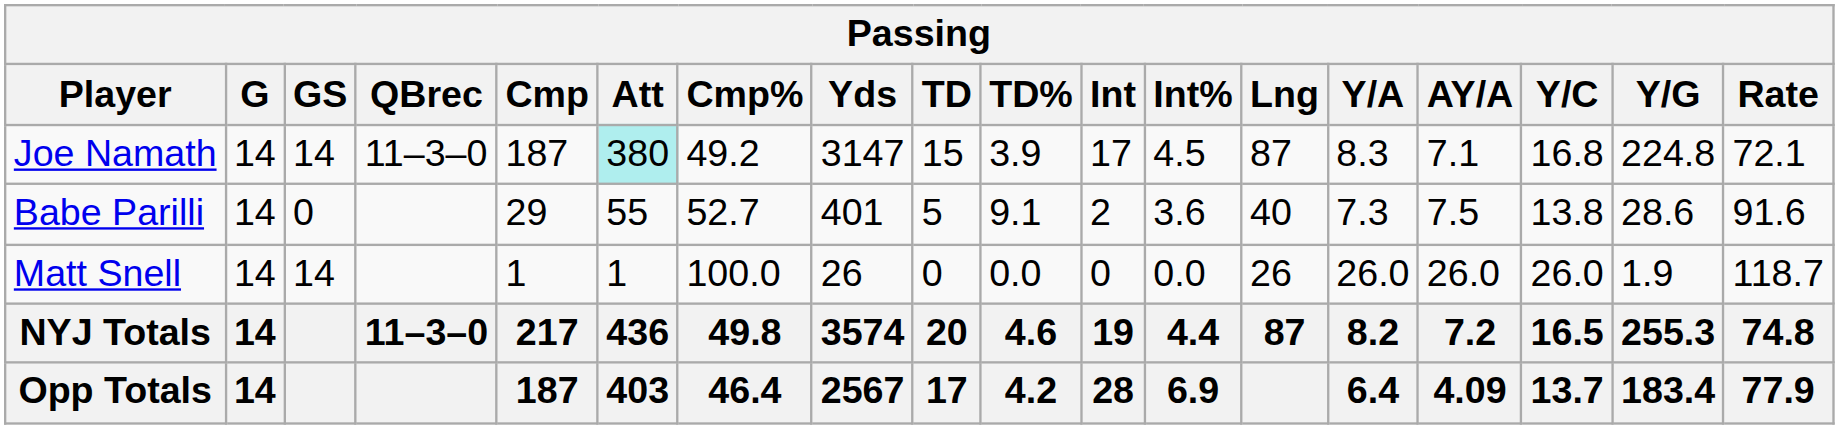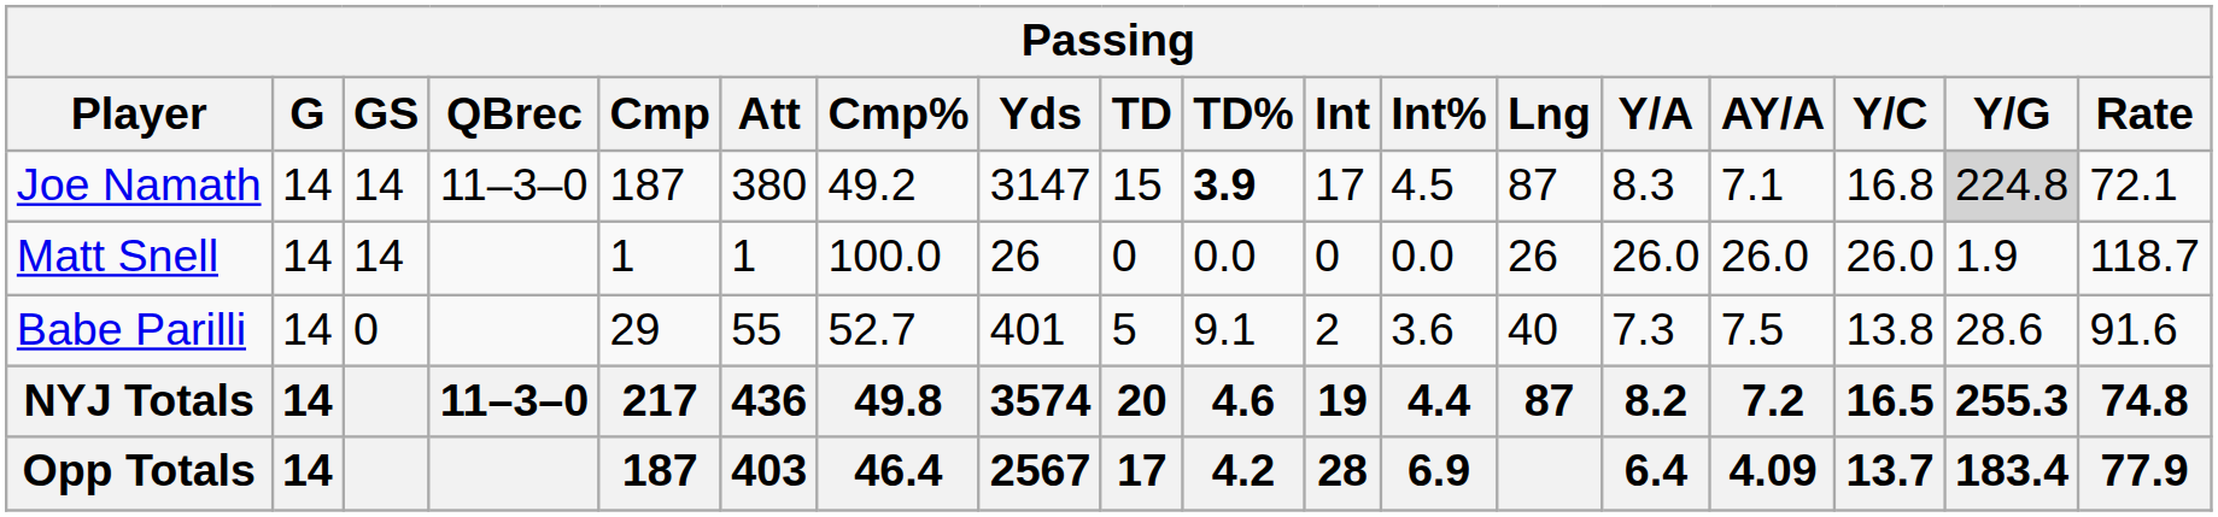 <table class="wikitable">
 <tr>
 <th colspan="18">Passing</th>
 </tr>
 <tr>
 <th>Player</th>
 <th>G</th>
 <th>GS</th>
 <th>QBrec</th>
 <th>Cmp</th>
 <th>Att</th>
 <th>Cmp%</th>
 <th>Yds</th>
 <th>TD</th>
 <th>TD%</th>
 <th>Int</th>
 <th>Int%</th>
 <th>Lng</th>
 <th>Y/A</th>
 <th>AY/A</th>
 <th>Y/C</th>
 <th>Y/G</th>
 <th>Rate</th>
 </tr>
 <tr>
 <td><a href='#'>Joe Namath</a></td>
 <td>14</td>
 <td>14</td>
 <td>11–3–0</td>
 <td>187</td>
-<td style="background: paleturquoise;">380</td>
+<td>380</td>
 <td>49.2</td>
 <td>3147</td>
 <td>15</td>
-<td>3.9</td>
+<td><strong>3.9</strong></td>
 <td>17</td>
 <td>4.5</td>
 <td>87</td>
 <td>8.3</td>
 <td>7.1</td>
 <td>16.8</td>
-<td>224.8</td>
+<td style="background: lightgrey;">224.8</td>
 <td>72.1</td>
+</tr>
+<tr>
+<td><a href='#'>Matt Snell</a></td>
+<td>14</td>
+<td>14</td>
+<td></td>
+<td>1</td>
+<td>1</td>
+<td>100.0</td>
+<td>26</td>
+<td>0</td>
+<td>0.0</td>
+<td>0</td>
+<td>0.0</td>
+<td>26</td>
+<td>26.0</td>
+<td>26.0</td>
+<td>26.0</td>
+<td>1.9</td>
+<td>118.7</td>
 </tr>
 <tr>
 <td><a href='#'>Babe Parilli</a></td>
 <td>14</td>
 <td>0</td>
 <td></td>
 <td>29</td>
 <td>55</td>
 <td>52.7</td>
 <td>401</td>
 <td>5</td>
 <td>9.1</td>
 <td>2</td>
 <td>3.6</td>
 <td>40</td>
 <td>7.3</td>
 <td>7.5</td>
 <td>13.8</td>
 <td>28.6</td>
 <td>91.6</td>
-</tr>
-<tr>
-<td><a href='#'>Matt Snell</a></td>
-<td>14</td>
-<td>14</td>
-<td></td>
-<td>1</td>
-<td>1</td>
-<td>100.0</td>
-<td>26</td>
-<td>0</td>
-<td>0.0</td>
-<td>0</td>
-<td>0.0</td>
-<td>26</td>
-<td>26.0</td>
-<td>26.0</td>
-<td>26.0</td>
-<td>1.9</td>
-<td>118.7</td>
 </tr>
 <tr>
 <th><strong>NYJ Totals</strong></th>
 <th>14</th>
 <th></th>
 <th>11–3–0</th>
 <th>217</th>
 <th>436</th>
 <th>49.8</th>
 <th>3574</th>
 <th>20</th>
 <th>4.6</th>
 <th>19</th>
 <th>4.4</th>
 <th>87</th>
 <th>8.2</th>
 <th>7.2</th>
 <th>16.5</th>
 <th>255.3</th>
 <th>74.8</th>
 </tr>
 <tr>
 <th><strong>Opp Totals</strong></th>
 <th>14</th>
 <th></th>
 <th></th>
 <th>187</th>
 <th>403</th>
 <th>46.4</th>
 <th>2567</th>
 <th>17</th>
 <th>4.2</th>
 <th>28</th>
 <th>6.9</th>
 <th></th>
 <th>6.4</th>
 <th>4.09</th>
 <th>13.7</th>
 <th>183.4</th>
 <th>77.9</th>
 </tr>
 </table>
